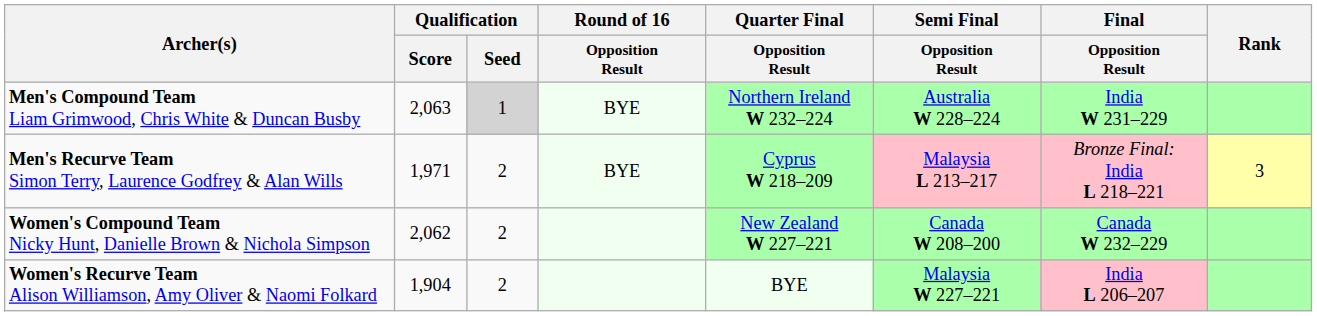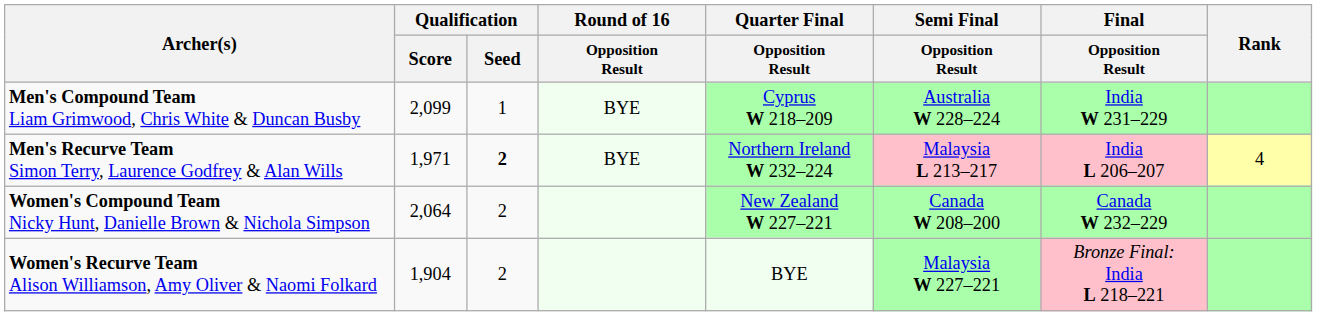 <table class=wikitable style="font-size:90%">
 <tr>
 <th rowspan="2" style="width:300px;">Archer(s)</th>
 <th colspan="2" style="width:100px;">Qualification</th>
 <th width=125>Round of 16</th>
 <th width=125>Quarter Final</th>
 <th width=125>Semi Final</th>
 <th width=125>Final</th>
 <th rowspan="2" style="width:75px;">Rank</th>
 </tr>
 <tr>
 <th width=50>Score</th>
 <th width=50>Seed</th>
 <th style="line-height:1em"><small>Opposition<br>Result</small></th>
 <th style="line-height:1em"><small>Opposition<br>Result</small></th>
 <th style="line-height:1em"><small>Opposition<br>Result</small></th>
 <th style="line-height:1em"><small>Opposition<br>Result</small></th>
 </tr>
 <tr>
 <td><strong>Men's Compound Team</strong><br><a href='#'>Liam Grimwood</a>, <a href='#'>Chris White</a> & <a href='#'>Duncan Busby</a></td>
-<td style="text-align:center;">2,063</td>
-<td style="background: lightgrey; text-align:center;">1</td>
+<td style="text-align:center;">2,099</td>
+<td style="text-align:center;">1</td>
 <td style="text-align:center; background:honeydew;">BYE</td>
-<td style="text-align:center; background:#afa;"> <a href='#'>Northern Ireland</a><br><strong>W</strong> 232–224</td>
+<td style="text-align:center; background:#afa;"> <a href='#'>Cyprus</a><br><strong>W</strong> 218–209</td>
 <td style="text-align:center; background:#afa;"> <a href='#'>Australia</a><br><strong>W</strong> 228–224</td>
 <td style="text-align:center; background:#afa;"> <a href='#'>India</a><br><strong>W</strong> 231–229</td>
 <td style="text-align:center; background:#afa;"></td>
 </tr>
 <tr>
 <td><strong>Men's Recurve Team</strong><br><a href='#'>Simon Terry</a>, <a href='#'>Laurence Godfrey</a> & <a href='#'>Alan Wills</a></td>
 <td style="text-align:center;">1,971</td>
-<td style="text-align:center;">2</td>
+<td style="text-align:center;"><strong>2</strong></td>
 <td style="text-align:center; background:honeydew;">BYE</td>
-<td style="text-align:center; background:#afa;"> <a href='#'>Cyprus</a><br><strong>W</strong> 218–209</td>
+<td style="text-align:center; background:#afa;"> <a href='#'>Northern Ireland</a><br><strong>W</strong> 232–224</td>
 <td style="text-align:center; background:pink;"> <a href='#'>Malaysia</a><br><strong>L</strong> 213–217</td>
-<td style="text-align:center; background:pink;"><em>Bronze Final:</em><br> <a href='#'>India</a><br><strong>L</strong> 218–221</td>
-<td style="text-align:center; background:#ffa;">3</td>
+<td style="text-align:center; background:pink;"> <a href='#'>India</a><br><strong>L</strong> 206–207</td>
+<td style="text-align:center; background:#ffa;">4</td>
 </tr>
 <tr>
 <td><strong>Women's Compound Team</strong><br><a href='#'>Nicky Hunt</a>, <a href='#'>Danielle Brown</a> & <a href='#'>Nichola Simpson</a></td>
-<td style="text-align:center;">2,062</td>
+<td style="text-align:center;">2,064</td>
 <td style="text-align:center;">2</td>
 <td style="text-align:center; background:honeydew;"></td>
 <td style="text-align:center; background:#afa;"> <a href='#'>New Zealand</a><br><strong>W</strong> 227–221</td>
 <td style="text-align:center; background:#afa;"> <a href='#'>Canada</a><br><strong>W</strong> 208–200</td>
 <td style="text-align:center; background:#afa;"> <a href='#'>Canada</a><br><strong>W</strong> 232–229</td>
 <td style="text-align:center; background:#afa;"></td>
 </tr>
 <tr>
 <td><strong>Women's Recurve Team</strong><br><a href='#'>Alison Williamson</a>, <a href='#'>Amy Oliver</a> & <a href='#'>Naomi Folkard</a></td>
 <td style="text-align:center;">1,904</td>
 <td style="text-align:center;">2</td>
 <td style="background:honeydew;"></td>
 <td style="text-align:center; background:honeydew;">BYE</td>
 <td style="text-align:center; background:#afa;"> <a href='#'>Malaysia</a><br><strong>W</strong> 227–221</td>
-<td style="text-align:center; background:pink;"> <a href='#'>India</a><br><strong>L</strong> 206–207</td>
+<td style="text-align:center; background:pink;"><em>Bronze Final:</em><br> <a href='#'>India</a><br><strong>L</strong> 218–221</td>
 <td style="text-align:center; background:#afa;"></td>
 </tr>
 </table>
